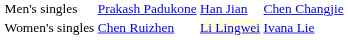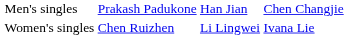 <table>
 <tr>
 <td>Men's singles</td>
 <td> <a href='#'>Prakash Padukone</a></td>
 <td> <a href='#'>Han Jian</a></td>
 <td> <a href='#'>Chen Changjie</a></td>
 </tr>
 <tr>
 <td>Women's singles</td>
 <td> <a href='#'>Chen Ruizhen</a></td>
-<td style="background: lightyellow;"> <a href='#'>Li Lingwei</a></td>
+<td> <a href='#'>Li Lingwei</a></td>
 <td> <a href='#'>Ivana Lie</a></td>
 </tr>
 </table>
